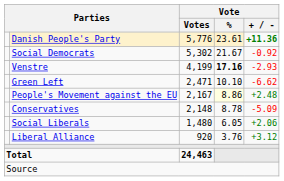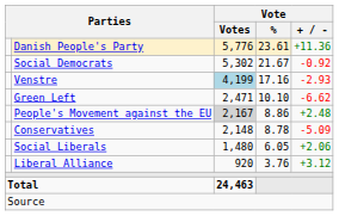 <table class="wikitable" style="text-align:right;">
 <tr>
 <th style="text-align:centre;" rowspan="2" colspan="2" width="225">Parties</th>
 <th colspan="3">Vote</th>
 </tr>
 <tr>
 <th width="15">Votes</th>
 <th width="15">%</th>
 <th width="15">+ / -</th>
 </tr>
 <tr>
 <td width="2" style="color:inherit;background:"></td>
 <td bgcolor=#fef2cc   align="left"><a href='#'>Danish People's Party</a></td>
 <td bgcolor=#fef2cc>5,776</td>
 <td bgcolor=#fef2cc>23.61</td>
-<td style=color:green;><strong>+11.36</strong></td>
+<td style=color:green;>+11.36</td>
 </tr>
 <tr>
 <td width="2" style="color:inherit;background:"></td>
 <td align="left"><a href='#'>Social Democrats</a></td>
 <td>5,302</td>
 <td>21.67</td>
 <td style=color:red;>-0.92</td>
 </tr>
 <tr>
 <td width="2" style="color:inherit;background:"></td>
 <td align="left"><a href='#'>Venstre</a></td>
-<td>4,199</td>
-<td><strong>17.16</strong></td>
+<td style="background: lightblue;">4,199</td>
+<td>17.16</td>
 <td style=color:red;>-2.93</td>
 </tr>
 <tr>
 <td width="2" style="color:inherit;background:"></td>
 <td align="left"><a href='#'>Green Left</a></td>
 <td>2,471</td>
 <td>10.10</td>
 <td style=color:red;>-6.62</td>
 </tr>
 <tr>
 <td width="2" style="color:inherit;background:"></td>
 <td align="left"><a href='#'>People's Movement against the EU</a></td>
-<td>2,167</td>
-<td style="background: lightyellow;">8.86</td>
+<td style="background: lightgrey;">2,167</td>
+<td>8.86</td>
 <td style=color:green;>+2.48</td>
 </tr>
 <tr>
 <td width="2" style="color:inherit;background:"></td>
 <td align="left"><a href='#'>Conservatives</a></td>
 <td>2,148</td>
 <td>8.78</td>
 <td style=color:red;>-5.09</td>
 </tr>
 <tr>
 <td width="2" style="color:inherit;background:"></td>
 <td align="left"><a href='#'>Social Liberals</a></td>
 <td>1,480</td>
 <td>6.05</td>
 <td style=color:green;>+2.06</td>
 </tr>
 <tr>
 <td width="2" style="color:inherit;background:"></td>
 <td align="left"><a href='#'>Liberal Alliance</a></td>
 <td>920</td>
 <td>3.76</td>
 <td style=color:green;>+3.12</td>
 </tr>
 <tr>
 <td colspan="7" bgcolor="#E9E9E9"></td>
 </tr>
 <tr>
 <td align="left" colspan="2"><strong>Total</strong></td>
 <td><strong>24,463</strong></td>
 <td bgcolor="#E9E9E9" colspan="2"></td>
 </tr>
 <tr>
 <td align="left" colspan="6">Source</td>
 </tr>
 </table>
